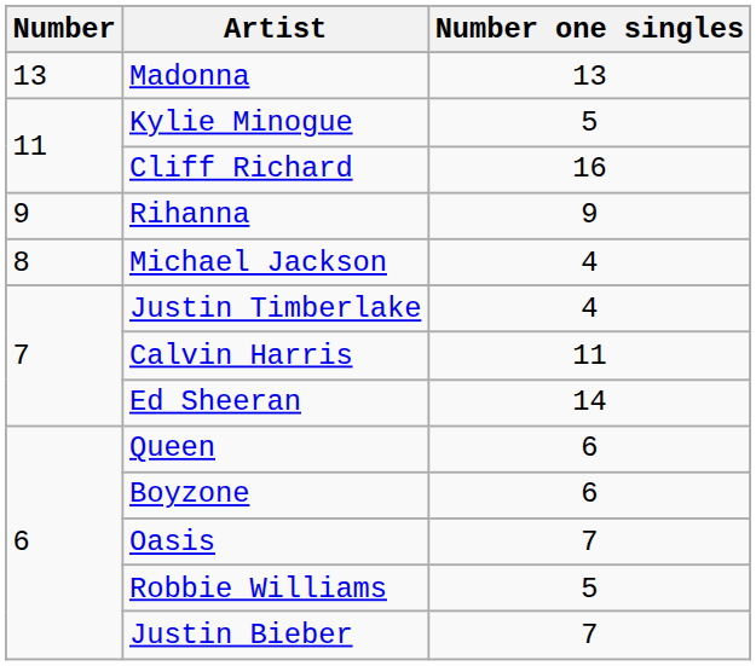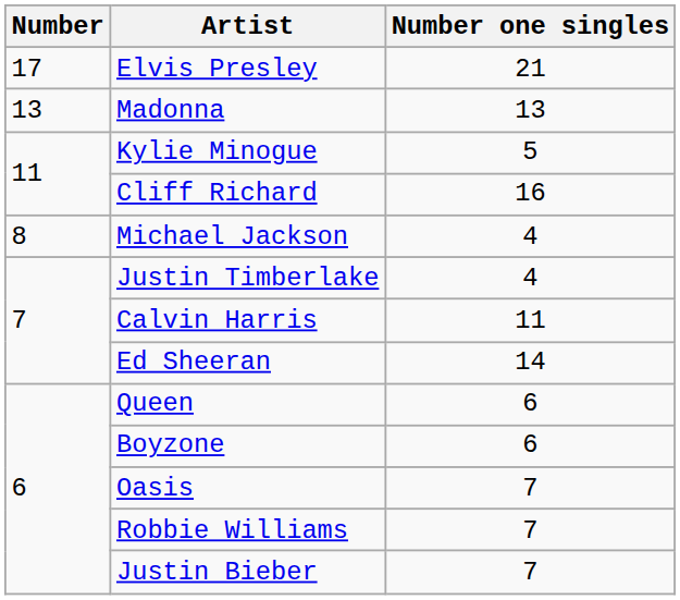 <table class="wikitable">
 <tr>
 <th>Number</th>
 <th>Artist</th>
 <th>Number one singles</th>
+</tr>
+<tr>
+<td>17</td>
+<td><a href='#'>Elvis Presley</a></td>
+<td align=center>21</td>
 </tr>
 <tr>
 <td>13</td>
 <td><a href='#'>Madonna</a></td>
 <td align=center>13</td>
 </tr>
 <tr>
 <td rowspan="2" style="text align=center;">11</td>
 <td><a href='#'>Kylie Minogue</a></td>
 <td align=center>5</td>
 </tr>
 <tr>
 <td><a href='#'>Cliff Richard</a></td>
 <td align=center>16</td>
-</tr>
-<tr>
-<td>9</td>
-<td><a href='#'>Rihanna</a></td>
-<td align=center>9</td>
 </tr>
 <tr>
 <td>8</td>
 <td><a href='#'>Michael Jackson</a></td>
 <td align=center>4</td>
 </tr>
 <tr>
 <td rowspan="3" style="text align:center;">7</td>
 <td><a href='#'>Justin Timberlake</a></td>
 <td align=center>4</td>
 </tr>
 <tr>
 <td><a href='#'>Calvin Harris</a></td>
 <td align=center>11</td>
 </tr>
 <tr>
 <td><a href='#'>Ed Sheeran</a></td>
 <td align=center>14</td>
 </tr>
 <tr>
 <td rowspan="5" style="text align:center;">6</td>
 <td><a href='#'>Queen</a></td>
 <td align=center>6</td>
 </tr>
 <tr>
 <td><a href='#'>Boyzone</a></td>
 <td align=center>6</td>
 </tr>
 <tr>
 <td><a href='#'>Oasis</a></td>
 <td align=center>7</td>
 </tr>
 <tr>
 <td><a href='#'>Robbie Williams</a></td>
-<td align=center>5</td>
+<td align=center>7</td>
 </tr>
 <tr>
 <td><a href='#'>Justin Bieber</a></td>
 <td align=center>7</td>
 </tr>
 </table>
